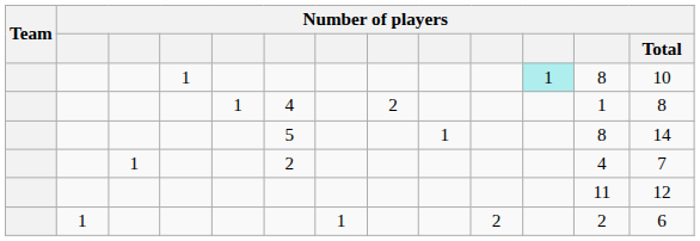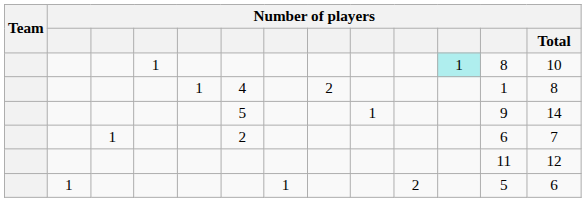 <table class="wikitable plainrowheaders"  style="text-align:center">
 <tr>
 <th scope="col" rowspan=2>Team</th>
 <th scope="colgroup" colspan=12>Number of players</th>
 </tr>
 <tr>
 <th scope="col" width=60></th>
 <th scope="col" width=60></th>
 <th scope="col" width=60></th>
 <th scope="col" width=60></th>
 <th scope="col" width=60></th>
 <th scope="col" width=60></th>
 <th scope="col" width=60></th>
 <th scope="col" width=60></th>
 <th scope="col" width=60></th>
 <th scope="col" width=60></th>
 <th scope="col" width=60></th>
 <th scope="col" width=60>Total</th>
 </tr>
 <tr>
 <th scope="row"></th>
 <td></td>
 <td></td>
 <td>1</td>
 <td></td>
 <td></td>
 <td></td>
 <td></td>
 <td></td>
 <td></td>
 <td style="background: paleturquoise;">1</td>
 <td>8</td>
 <td>10</td>
 </tr>
 <tr>
 <th scope="row"></th>
 <td></td>
 <td></td>
 <td></td>
 <td>1</td>
 <td>4</td>
 <td></td>
 <td>2</td>
 <td></td>
 <td></td>
 <td></td>
 <td>1</td>
 <td>8</td>
 </tr>
 <tr>
 <th scope="row"></th>
 <td></td>
 <td></td>
 <td></td>
 <td></td>
 <td>5</td>
 <td></td>
 <td></td>
 <td>1</td>
 <td></td>
 <td></td>
-<td>8</td>
+<td>9</td>
 <td>14</td>
 </tr>
 <tr>
 <th scope="row"></th>
 <td></td>
 <td>1</td>
 <td></td>
 <td></td>
 <td>2</td>
 <td></td>
 <td></td>
 <td></td>
 <td></td>
 <td></td>
-<td>4</td>
+<td>6</td>
 <td>7</td>
 </tr>
 <tr>
 <th scope="row"></th>
 <td></td>
 <td></td>
 <td></td>
 <td></td>
 <td></td>
 <td></td>
 <td></td>
 <td></td>
 <td></td>
 <td></td>
 <td>11</td>
 <td>12</td>
 </tr>
 <tr>
 <th scope="row"></th>
 <td>1</td>
 <td></td>
 <td></td>
 <td></td>
 <td></td>
 <td>1</td>
 <td></td>
 <td></td>
 <td>2</td>
 <td></td>
-<td>2</td>
+<td>5</td>
 <td>6</td>
 </tr>
 </table>
